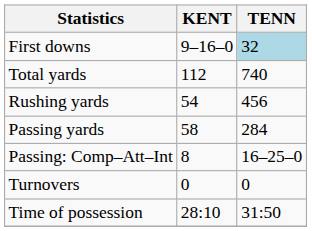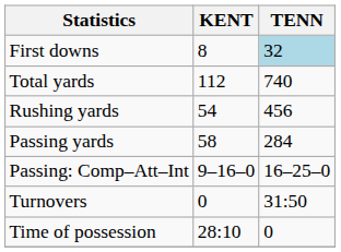 <table class="wikitable" style="float: left;">
 <tr>
 <th>Statistics</th>
 <th>KENT</th>
 <th>TENN</th>
 </tr>
 <tr>
 <td>First downs</td>
-<td>9–16–0</td>
+<td>8</td>
 <td style="background: lightblue;">32</td>
 </tr>
 <tr>
 <td>Total yards</td>
 <td>112</td>
 <td>740</td>
 </tr>
 <tr>
 <td>Rushing yards</td>
 <td>54</td>
 <td>456</td>
 </tr>
 <tr>
 <td>Passing yards</td>
 <td>58</td>
 <td>284</td>
 </tr>
 <tr>
 <td>Passing: Comp–Att–Int</td>
-<td>8</td>
+<td>9–16–0</td>
 <td>16–25–0</td>
 </tr>
 <tr>
 <td>Turnovers</td>
 <td>0</td>
-<td>0</td>
+<td>31:50</td>
 </tr>
 <tr>
 <td>Time of possession</td>
 <td>28:10</td>
-<td>31:50</td>
+<td>0</td>
 </tr>
 <tr>
 </tr>
 </table>
